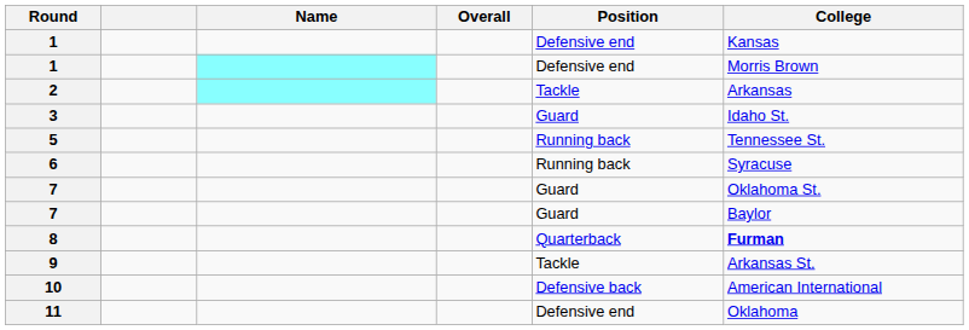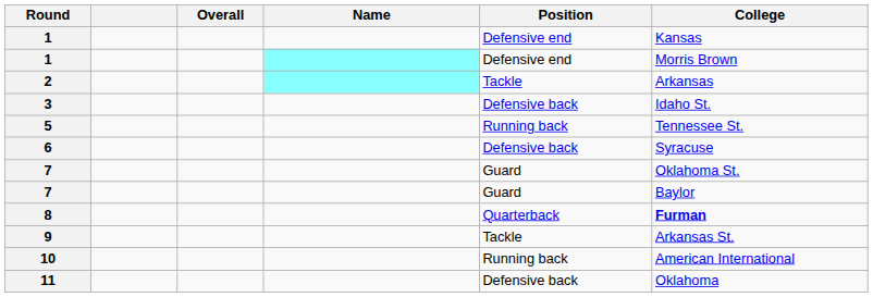 <table class="wikitable sortable" style="width: 50%;">
 <tr>
 <th scope="col" style="width: 10%;">Round</th>
 <th scope="col" style="width: 10%;"></th>
+<th scope="col" style="width: 10%;">Overall</th>
 <th scope="col" style="width: 25%;">Name</th>
-<th scope="col" style="width: 10%;">Overall</th>
 <th scope="col" style="width: 20%;">Position</th>
 <th scope="col" style="width: 25%;">College</th>
 </tr>
 <tr>
 <th scope="row">1</th>
 <td></td>
 <td></td>
 <td></td>
 <td><a href='#'>Defensive end</a></td>
 <td><a href='#'>Kansas</a></td>
 </tr>
 <tr>
 <th scope="row">1</th>
 <td></td>
+<td></td>
 <td style="background:#88FFFF;"> <sup></sup></td>
-<td></td>
 <td>Defensive end</td>
 <td><a href='#'>Morris Brown</a></td>
 </tr>
 <tr>
 <th scope="row">2</th>
 <td></td>
+<td></td>
 <td style="background:#88FFFF;"> <sup></sup></td>
-<td></td>
 <td><a href='#'>Tackle</a></td>
 <td><a href='#'>Arkansas</a></td>
 </tr>
 <tr>
 <th scope="row">3</th>
 <td></td>
 <td></td>
 <td></td>
-<td><a href='#'>Guard</a></td>
+<td><a href='#'>Defensive back</a></td>
 <td><a href='#'>Idaho St.</a></td>
 </tr>
 <tr>
 <th scope="row">5</th>
 <td></td>
 <td></td>
 <td></td>
 <td><a href='#'>Running back</a></td>
 <td><a href='#'>Tennessee St.</a></td>
 </tr>
 <tr>
 <th scope="row">6</th>
 <td></td>
 <td></td>
 <td></td>
-<td>Running back</td>
+<td><a href='#'>Defensive back</a></td>
 <td><a href='#'>Syracuse</a></td>
 </tr>
 <tr>
 <th scope="row">7</th>
 <td></td>
 <td></td>
 <td></td>
 <td>Guard</td>
 <td><a href='#'>Oklahoma St.</a></td>
 </tr>
 <tr>
 <th scope="row">7</th>
 <td></td>
 <td></td>
 <td></td>
 <td>Guard</td>
 <td><a href='#'>Baylor</a></td>
 </tr>
 <tr>
 <th scope="row">8</th>
 <td></td>
 <td></td>
 <td></td>
 <td><a href='#'>Quarterback</a></td>
 <td><strong><a href='#'>Furman</a></strong></td>
 </tr>
 <tr>
 <th scope="row">9</th>
 <td></td>
 <td></td>
 <td></td>
 <td>Tackle</td>
 <td><a href='#'>Arkansas St.</a></td>
 </tr>
 <tr>
 <th scope="row">10</th>
 <td></td>
 <td></td>
 <td></td>
-<td><a href='#'>Defensive back</a></td>
+<td>Running back</td>
 <td><a href='#'>American International</a></td>
 </tr>
 <tr>
 <th scope="row">11</th>
 <td></td>
 <td></td>
 <td></td>
-<td>Defensive end</td>
+<td>Defensive back</td>
 <td><a href='#'>Oklahoma</a></td>
 </tr>
 </table>
